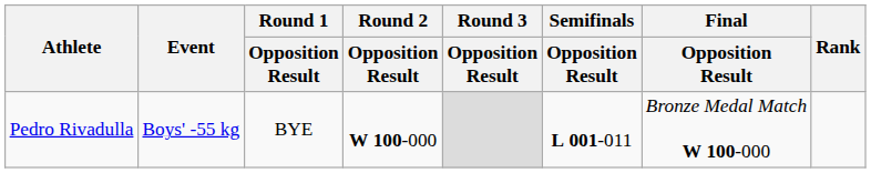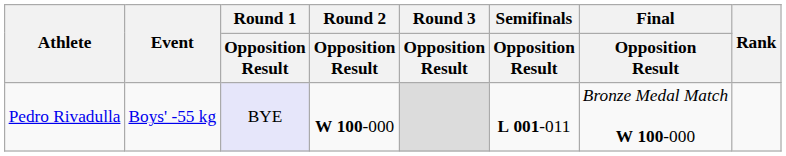 <table class="wikitable" border="1" style="font-size:90%">
 <tr>
 <th rowspan=2>Athlete</th>
 <th rowspan=2>Event</th>
 <th>Round 1</th>
 <th>Round 2</th>
 <th>Round 3</th>
 <th>Semifinals</th>
 <th>Final</th>
 <th rowspan=2>Rank</th>
 </tr>
 <tr>
 <th>Opposition<br>Result</th>
 <th>Opposition<br>Result</th>
 <th>Opposition<br>Result</th>
 <th>Opposition<br>Result</th>
 <th>Opposition<br>Result</th>
 </tr>
 <tr>
 <td><a href='#'>Pedro Rivadulla</a></td>
 <td><a href='#'>Boys' -55 kg</a></td>
-<td align=center>BYE</td>
+<td align=center style="background: lavender;">BYE</td>
 <td align=center> <br> <strong>W</strong> <strong>100</strong>-000</td>
 <td bgcolor=#DCDCDC></td>
 <td align=center> <br> <strong>L</strong> <strong>001</strong>-011</td>
 <td align=center><em>Bronze Medal Match</em><br> <br> <strong>W</strong> <strong>100</strong>-000</td>
 <td align=center></td>
 </tr>
 </table>
